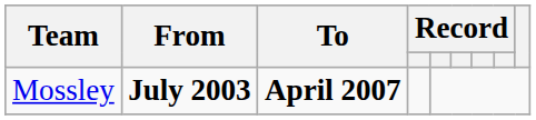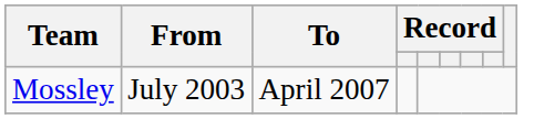 <table class=wikitable style=text-align:center>
 <tr>
 <th rowspan=2>Team</th>
 <th rowspan=2>From</th>
 <th rowspan=2>To</th>
 <th colspan=5>Record</th>
 <th rowspan=2></th>
 </tr>
 <tr>
 <th></th>
 <th></th>
 <th></th>
 <th></th>
 <th></th>
 </tr>
 <tr>
 <td align=left><a href='#'>Mossley</a></td>
-<td align=left><strong>July 2003</strong></td>
-<td align=left><strong>April 2007<br></strong></td>
+<td align=left>July 2003</td>
+<td align=left>April 2007<br></td>
 <td></td>
 </tr>
 </table>
